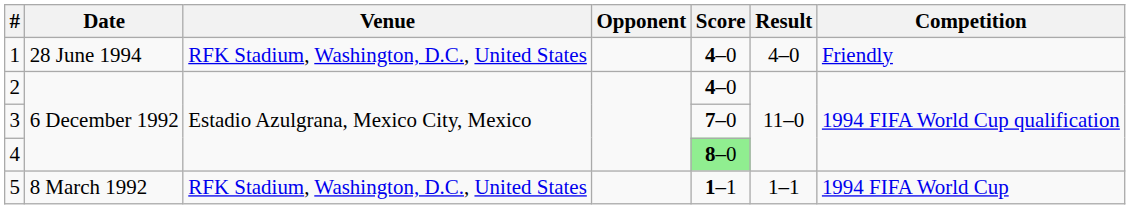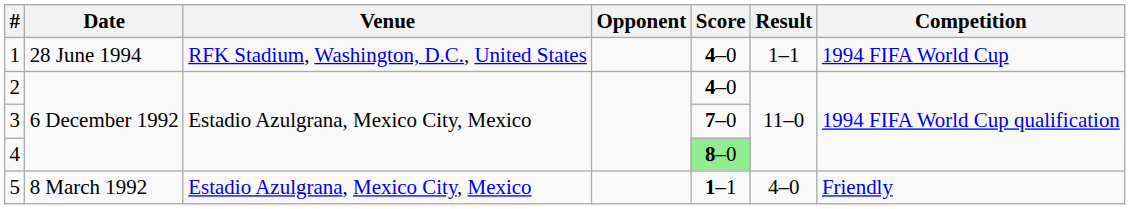 <table class="wikitable">
 <tr>
 <th>#</th>
 <th>Date</th>
 <th>Venue</th>
 <th>Opponent</th>
 <th>Score</th>
 <th>Result</th>
 <th>Competition</th>
 </tr>
 <tr>
 <td>1</td>
 <td>28 June 1994</td>
 <td><a href='#'>RFK Stadium</a>, <a href='#'>Washington, D.C.</a>, <a href='#'>United States</a></td>
 <td></td>
 <td align=center><strong>4</strong>–0</td>
-<td align=center>4–0</td>
-<td><a href='#'>Friendly</a></td>
+<td align=center>1–1</td>
+<td><a href='#'>1994 FIFA World Cup</a></td>
 </tr>
 <tr>
 <td>2</td>
 <td rowspan="3">6 December 1992</td>
 <td rowspan="3">Estadio Azulgrana, Mexico City, Mexico</td>
 <td rowspan="3"></td>
 <td align=center><strong>4</strong>–0</td>
 <td rowspan="3" align=center>11–0</td>
 <td rowspan="3"><a href='#'>1994 FIFA World Cup qualification</a></td>
 </tr>
 <tr>
 <td>3</td>
 <td align=center><strong>7</strong>–0</td>
 </tr>
 <tr>
 <td>4</td>
 <td align=center style="background: lightgreen;"><strong>8</strong>–0</td>
 </tr>
 <tr>
 <td>5</td>
 <td>8 March 1992</td>
-<td><a href='#'>RFK Stadium</a>, <a href='#'>Washington, D.C.</a>, <a href='#'>United States</a></td>
+<td><a href='#'>Estadio Azulgrana</a>, <a href='#'>Mexico City</a>, <a href='#'>Mexico</a></td>
 <td></td>
 <td align=center><strong>1</strong>–1</td>
-<td align=center>1–1</td>
-<td><a href='#'>1994 FIFA World Cup</a></td>
+<td align=center>4–0</td>
+<td><a href='#'>Friendly</a></td>
 </tr>
 </table>
